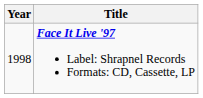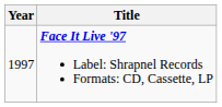 <table class="wikitable">
 <tr>
 <th><strong>Year</strong></th>
 <th><strong>Title</strong></th>
 </tr>
 <tr>
-<td>1998</td>
+<td>1997</td>
 <td><strong><em><a href='#'>Face It Live '97</a></em></strong><br><ul><li>Label: Shrapnel Records</li><li>Formats: CD, Cassette, LP</li></ul></td>
 </tr>
 </table>
